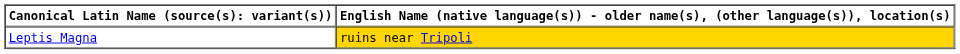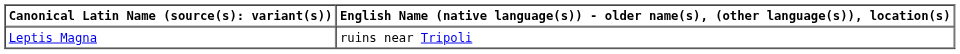 <table border="1" cellspacing="0" cellpadding="3">
 <tr>
 <th>Canonical Latin Name (source(s): variant(s))</th>
 <th>English Name (native language(s)) - older name(s), (other language(s)), location(s)</th>
 </tr>
 <tr>
 <td><a href='#'>Leptis Magna</a></td>
-<td style="background: gold;">ruins near <a href='#'>Tripoli</a></td>
+<td>ruins near <a href='#'>Tripoli</a></td>
 </tr>
 </table>
